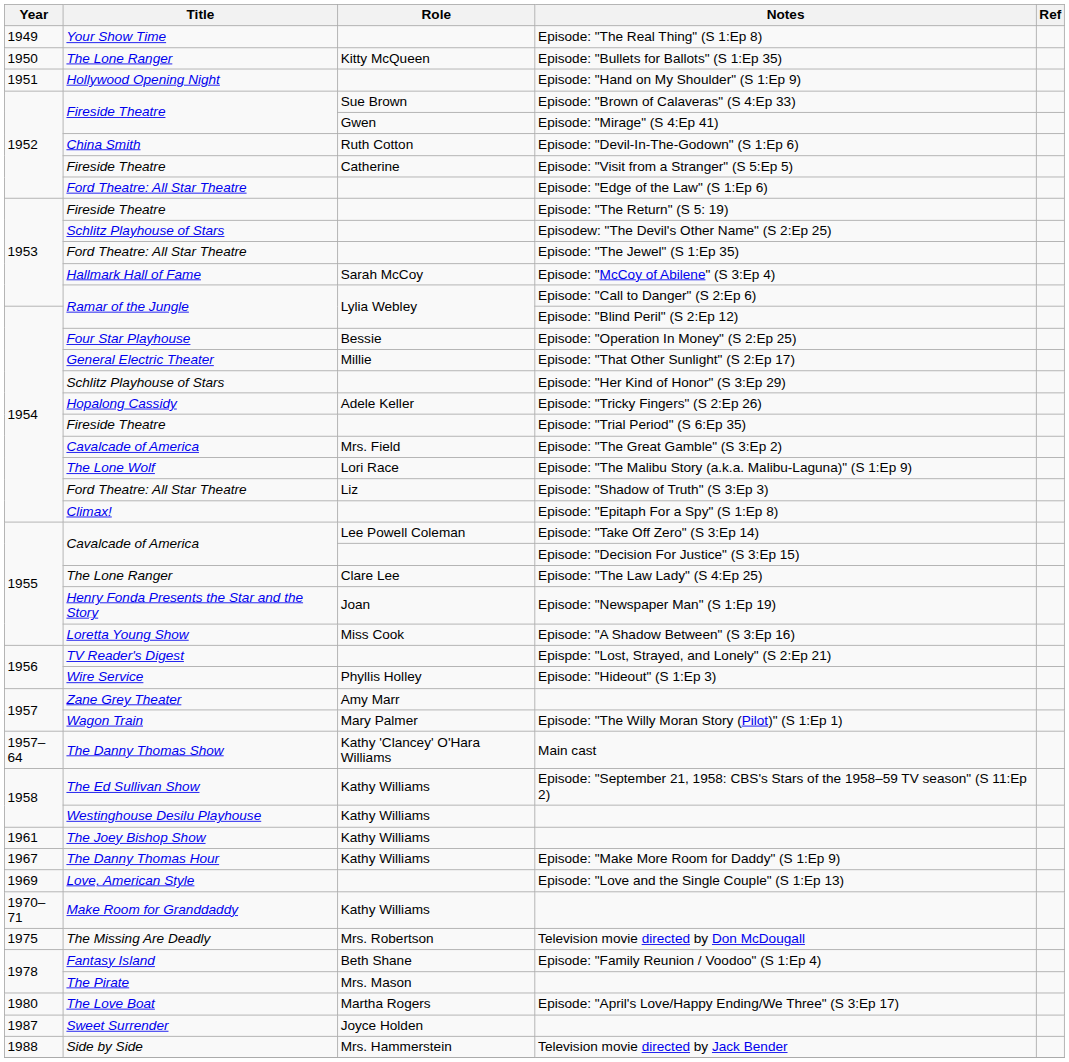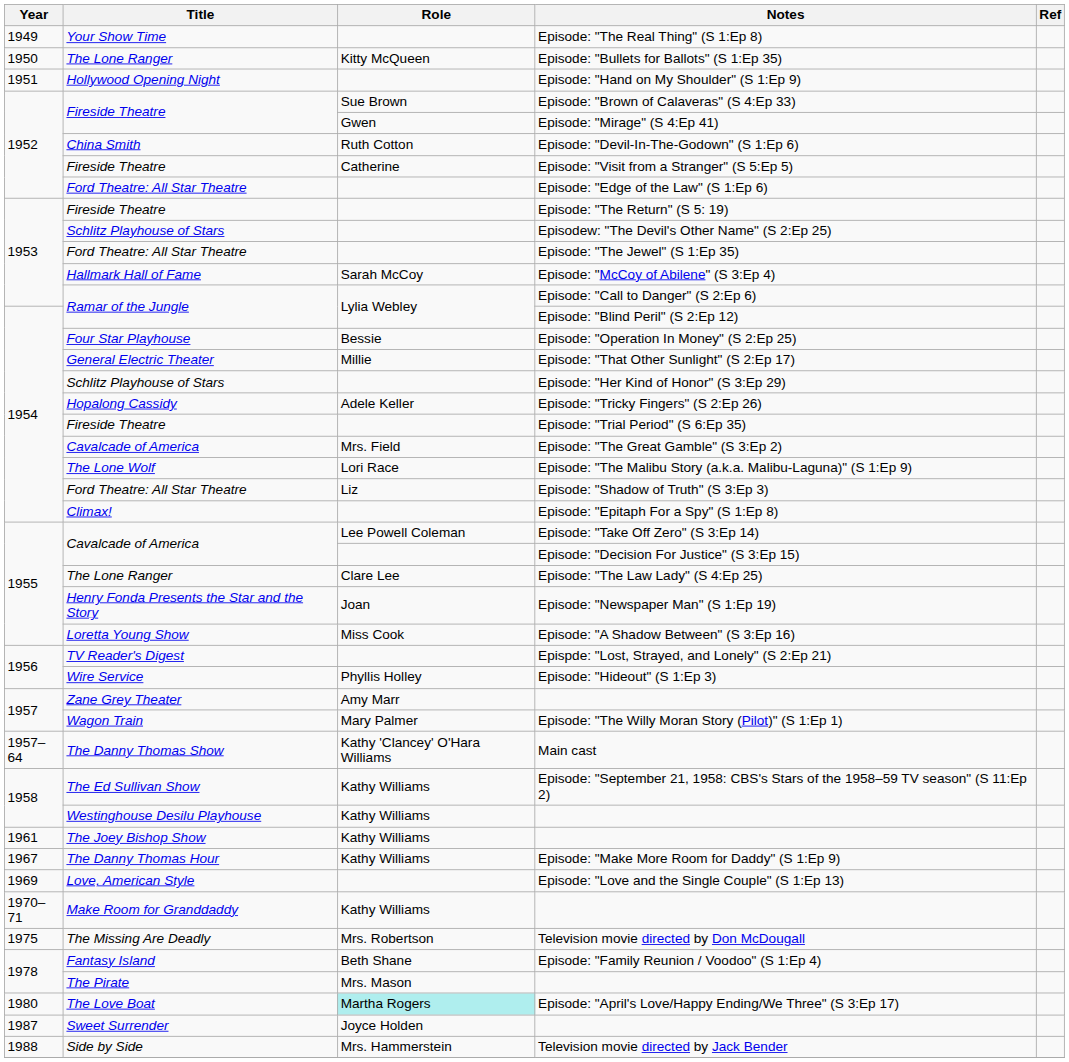 <table class="wikitable sortable">
 <tr>
 <th>Year</th>
 <th>Title</th>
 <th>Role</th>
 <th>Notes</th>
 <th>Ref</th>
 </tr>
 <tr>
 <td>1949</td>
 <td><em><a href='#'>Your Show Time</a></em></td>
 <td></td>
 <td>Episode: "The Real Thing" (S 1:Ep 8)</td>
 <td></td>
 </tr>
 <tr>
 <td>1950</td>
 <td><em><a href='#'>The Lone Ranger</a></em></td>
 <td>Kitty McQueen</td>
 <td>Episode: "Bullets for Ballots" (S 1:Ep 35)</td>
 <td></td>
 </tr>
 <tr>
 <td>1951</td>
 <td><em><a href='#'>Hollywood Opening Night</a></em></td>
 <td></td>
 <td>Episode: "Hand on My Shoulder" (S 1:Ep 9)</td>
 <td></td>
 </tr>
 <tr>
 <td rowspan="5">1952</td>
 <td rowspan="2"><em><a href='#'>Fireside Theatre</a></em></td>
 <td>Sue Brown</td>
 <td>Episode: "Brown of Calaveras" (S 4:Ep 33)</td>
 <td></td>
 </tr>
 <tr>
 <td>Gwen</td>
 <td>Episode: "Mirage" (S 4:Ep 41)</td>
 <td></td>
 </tr>
 <tr>
 <td><em><a href='#'>China Smith</a></em></td>
 <td>Ruth Cotton</td>
 <td>Episode: "Devil-In-The-Godown" (S 1:Ep 6)</td>
 <td></td>
 </tr>
 <tr>
 <td><em>Fireside Theatre</em></td>
 <td>Catherine</td>
 <td>Episode: "Visit from a Stranger" (S 5:Ep 5)</td>
 <td></td>
 </tr>
 <tr>
 <td><em><a href='#'>Ford Theatre: All Star Theatre</a></em></td>
 <td></td>
 <td>Episode: "Edge of the Law" (S 1:Ep 6)</td>
 <td></td>
 </tr>
 <tr>
 <td rowspan="5">1953</td>
 <td><em>Fireside Theatre</em></td>
 <td></td>
 <td>Episode: "The Return" (S 5: 19)</td>
 <td></td>
 </tr>
 <tr>
 <td><em><a href='#'>Schlitz Playhouse of Stars</a></em></td>
 <td></td>
 <td>Episodew: "The Devil's Other Name" (S 2:Ep 25)</td>
 <td></td>
 </tr>
 <tr>
 <td><em>Ford Theatre: All Star Theatre</em></td>
 <td></td>
 <td>Episode: "The Jewel" (S 1:Ep 35)</td>
 <td></td>
 </tr>
 <tr>
 <td><em><a href='#'>Hallmark Hall of Fame</a></em></td>
 <td>Sarah McCoy</td>
 <td>Episode: "<a href='#'>McCoy of Abilene</a>" (S 3:Ep 4)</td>
 <td></td>
 </tr>
 <tr>
 <td rowspan="2"><em><a href='#'>Ramar of the Jungle</a></em></td>
 <td rowspan="2">Lylia Webley</td>
 <td>Episode: "Call to Danger" (S 2:Ep 6)</td>
 <td></td>
 </tr>
 <tr>
 <td rowspan="10">1954</td>
 <td>Episode: "Blind Peril" (S 2:Ep 12)</td>
 <td></td>
 </tr>
 <tr>
 <td><em><a href='#'>Four Star Playhouse</a></em></td>
 <td>Bessie</td>
 <td>Episode: "Operation In Money" (S 2:Ep 25)</td>
 <td></td>
 </tr>
 <tr>
 <td><em><a href='#'>General Electric Theater</a></em></td>
 <td>Millie</td>
 <td>Episode: "That Other Sunlight" (S 2:Ep 17)</td>
 <td></td>
 </tr>
 <tr>
 <td><em>Schlitz Playhouse of Stars</em></td>
 <td></td>
 <td>Episode: "Her Kind of Honor" (S 3:Ep 29)</td>
 <td></td>
 </tr>
 <tr>
 <td><em><a href='#'>Hopalong Cassidy</a></em></td>
 <td>Adele Keller</td>
 <td>Episode: "Tricky Fingers" (S 2:Ep 26)</td>
 <td></td>
 </tr>
 <tr>
 <td><em>Fireside Theatre</em></td>
 <td></td>
 <td>Episode: "Trial Period" (S 6:Ep 35)</td>
 <td></td>
 </tr>
 <tr>
 <td><em><a href='#'>Cavalcade of America</a></em></td>
 <td>Mrs. Field</td>
 <td>Episode: "The Great Gamble" (S 3:Ep 2)</td>
 <td></td>
 </tr>
 <tr>
 <td><em><a href='#'>The Lone Wolf</a></em></td>
 <td>Lori Race</td>
 <td>Episode: "The Malibu Story (a.k.a. Malibu-Laguna)" (S 1:Ep 9)</td>
 <td></td>
 </tr>
 <tr>
 <td><em>Ford Theatre: All Star Theatre</em></td>
 <td>Liz</td>
 <td>Episode: "Shadow of Truth" (S 3:Ep 3)</td>
 <td></td>
 </tr>
 <tr>
 <td><em><a href='#'>Climax!</a></em></td>
 <td></td>
 <td>Episode: "Epitaph For a Spy" (S 1:Ep 8)</td>
 <td></td>
 </tr>
 <tr>
 <td rowspan="5">1955</td>
 <td rowspan="2"><em>Cavalcade of America</em></td>
 <td>Lee Powell Coleman</td>
 <td>Episode: "Take Off Zero" (S 3:Ep 14)</td>
 <td></td>
 </tr>
 <tr>
 <td></td>
 <td>Episode: "Decision For Justice" (S 3:Ep 15)</td>
 <td></td>
 </tr>
 <tr>
 <td><em>The Lone Ranger</em></td>
 <td>Clare Lee</td>
 <td>Episode: "The Law Lady" (S 4:Ep 25)</td>
 <td></td>
 </tr>
 <tr>
 <td><em><a href='#'>Henry Fonda Presents the Star and the Story</a></em></td>
 <td>Joan</td>
 <td>Episode: "Newspaper Man" (S 1:Ep 19)</td>
 <td></td>
 </tr>
 <tr>
 <td><em><a href='#'>Loretta Young Show</a></em></td>
 <td>Miss Cook</td>
 <td>Episode: "A Shadow Between" (S 3:Ep 16)</td>
 <td></td>
 </tr>
 <tr>
 <td rowspan="2">1956</td>
 <td><em><a href='#'>TV Reader's Digest</a></em></td>
 <td></td>
 <td>Epispde: "Lost, Strayed, and Lonely" (S 2:Ep 21)</td>
 <td></td>
 </tr>
 <tr>
 <td><em><a href='#'>Wire Service</a></em></td>
 <td>Phyllis Holley</td>
 <td>Episode: "Hideout" (S 1:Ep 3)</td>
 <td></td>
 </tr>
 <tr>
 <td rowspan="2">1957</td>
 <td><em><a href='#'>Zane Grey Theater</a></em></td>
 <td>Amy Marr</td>
 <td></td>
 <td></td>
 </tr>
 <tr>
 <td><em><a href='#'>Wagon Train</a></em></td>
 <td>Mary Palmer</td>
 <td>Episode: "The Willy Moran Story (<a href='#'>Pilot</a>)" (S 1:Ep 1)</td>
 <td></td>
 </tr>
 <tr>
 <td>1957–64</td>
 <td><em><a href='#'>The Danny Thomas Show</a></em></td>
 <td>Kathy 'Clancey' O'Hara Williams</td>
 <td>Main cast</td>
 <td></td>
 </tr>
 <tr>
 <td rowspan="2">1958</td>
 <td><em><a href='#'>The Ed Sullivan Show</a></em></td>
 <td>Kathy Williams</td>
 <td>Episode: "September 21, 1958: CBS's Stars of the 1958–59 TV season" (S 11:Ep 2)</td>
 <td></td>
 </tr>
 <tr>
 <td><em><a href='#'>Westinghouse Desilu Playhouse</a></em></td>
 <td>Kathy Williams</td>
 <td></td>
 <td></td>
 </tr>
 <tr>
 <td>1961</td>
 <td><em><a href='#'>The Joey Bishop Show</a></em></td>
 <td>Kathy Williams</td>
 <td></td>
 <td></td>
 </tr>
 <tr>
 <td>1967</td>
 <td><em><a href='#'>The Danny Thomas Hour</a></em></td>
 <td>Kathy Williams</td>
 <td>Episode: "Make More Room for Daddy" (S 1:Ep 9)</td>
 <td></td>
 </tr>
 <tr>
 <td>1969</td>
 <td><em><a href='#'>Love, American Style</a></em></td>
 <td></td>
 <td>Episode: "Love and the Single Couple" (S 1:Ep 13)</td>
 <td></td>
 </tr>
 <tr>
 <td>1970–71</td>
 <td><em><a href='#'>Make Room for Granddaddy</a></em></td>
 <td>Kathy Williams</td>
 <td></td>
 <td></td>
 </tr>
 <tr>
 <td>1975</td>
 <td><em>The Missing Are Deadly</em></td>
 <td>Mrs. Robertson</td>
 <td>Television movie <a href='#'>directed</a> by <a href='#'>Don McDougall</a></td>
 <td></td>
 </tr>
 <tr>
 <td rowspan="2">1978</td>
 <td><em><a href='#'>Fantasy Island</a></em></td>
 <td>Beth Shane</td>
 <td>Episode: "Family Reunion / Voodoo" (S 1:Ep 4)</td>
 <td></td>
 </tr>
 <tr>
 <td><em><a href='#'>The Pirate</a></em></td>
 <td>Mrs. Mason</td>
 <td></td>
 <td></td>
 </tr>
 <tr>
 <td>1980</td>
 <td><em><a href='#'>The Love Boat</a></em></td>
-<td>Martha Rogers</td>
+<td style="background: paleturquoise;">Martha Rogers</td>
 <td>Episode: "April's Love/Happy Ending/We Three" (S 3:Ep 17)</td>
 <td></td>
 </tr>
 <tr>
 <td>1987</td>
 <td><em><a href='#'>Sweet Surrender</a></em></td>
 <td>Joyce Holden</td>
 <td></td>
 <td></td>
 </tr>
 <tr>
 <td>1988</td>
 <td><em>Side by Side</em></td>
 <td>Mrs. Hammerstein</td>
 <td>Television movie <a href='#'>directed</a> by <a href='#'>Jack Bender</a></td>
 <td></td>
 </tr>
 <tr>
 </tr>
 </table>
